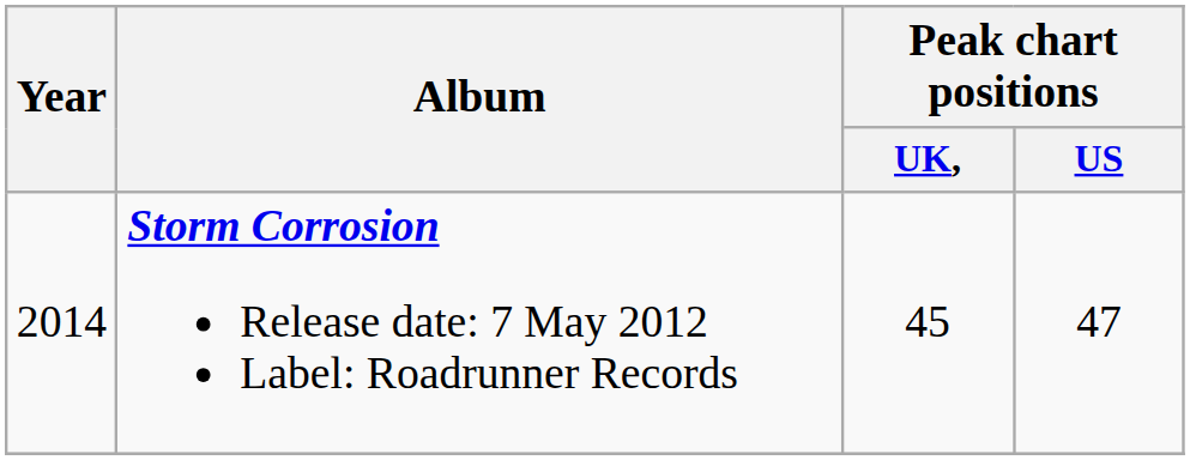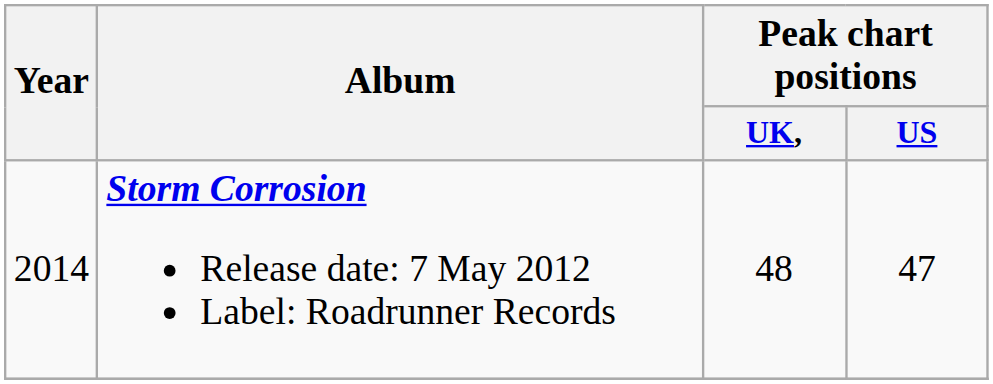 <table class="wikitable">
 <tr>
 <th rowspan="2">Year</th>
 <th rowspan="2" style="width:250px;">Album</th>
 <th colspan="2">Peak chart positions</th>
 </tr>
 <tr>
 <th style="width:4em;font-size:85%"><a href='#'>UK</a>,</th>
 <th style="width:4em;font-size:85%"><a href='#'>US</a></th>
 </tr>
 <tr>
 <td>2014</td>
 <td><strong><em><a href='#'>Storm Corrosion</a></em></strong><br><ul><li>Release date: 7 May 2012</li><li>Label: Roadrunner Records</li></ul></td>
-<td style="text-align:center;">45</td>
+<td style="text-align:center;">48</td>
 <td style="text-align:center;">47</td>
 </tr>
 <tr>
 </tr>
 </table>
